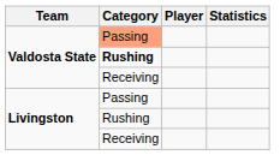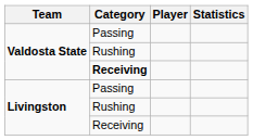 <table class="wikitable" style="float: left;">
 <tr>
 <th>Team</th>
 <th>Category</th>
 <th>Player</th>
 <th>Statistics</th>
 </tr>
 <tr>
 <td rowspan=3><strong>Valdosta State</strong></td>
-<td style="background: lightsalmon;">Passing</td>
+<td>Passing</td>
 <td></td>
 <td></td>
 </tr>
 <tr>
-<td><strong>Rushing</strong></td>
+<td>Rushing</td>
 <td></td>
 <td></td>
 </tr>
 <tr>
-<td>Receiving</td>
+<td><strong>Receiving</strong></td>
 <td></td>
 <td></td>
 </tr>
 <tr>
 <td rowspan=3><strong>Livingston</strong></td>
 <td>Passing</td>
 <td></td>
 <td></td>
 </tr>
 <tr>
 <td>Rushing</td>
 <td></td>
 <td></td>
 </tr>
 <tr>
 <td>Receiving</td>
 <td></td>
 <td></td>
 </tr>
 </table>
